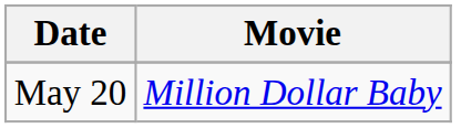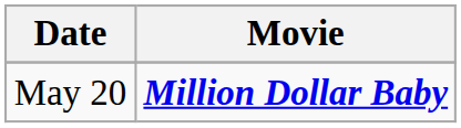 <table class="wikitable plainrowheaders">
 <tr>
 <th scope="col">Date</th>
 <th scope="col">Movie</th>
 </tr>
 <tr>
 </tr>
 <tr>
 <td>May 20</td>
-<td><em><a href='#'>Million Dollar Baby</a></em></td>
+<td><strong><em><a href='#'>Million Dollar Baby</a></em></strong></td>
 </tr>
 </table>
